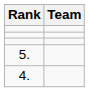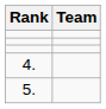 <table class="wikitable" style="text-align: center;">
 <tr>
 <th width=40>Rank</th>
 <th>Team</th>
 </tr>
 <tr align=center>
 <td></td>
 <td style="text-align:left;"></td>
 </tr>
 <tr align=center>
 <td></td>
 <td style="text-align:left;"></td>
 </tr>
 <tr align=center>
 <td></td>
 <td style="text-align:left;"></td>
 </tr>
 <tr align=center>
+<td>4.</td>
+<td style="text-align:left;"></td>
+</tr>
+<tr align=center>
 <td>5.</td>
 <td style="text-align:left;"></td>
 </tr>
-<tr align=center>
-<td>4.</td>
-<td style="text-align:left;"></td>
-</tr>
 </table>
